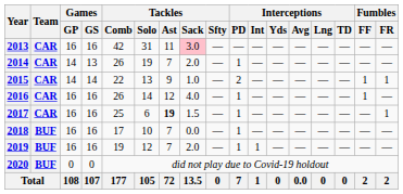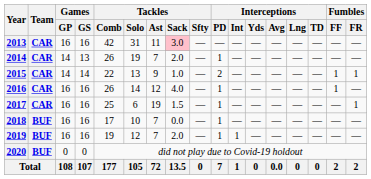 <table class="wikitable" style="text-align: center;">
 <tr>
 <th rowspan="2">Year</th>
 <th rowspan="2">Team</th>
 <th colspan="2">Games</th>
 <th colspan="5">Tackles</th>
 <th colspan="6">Interceptions</th>
 <th colspan="2">Fumbles</th>
 </tr>
 <tr>
 <th>GP</th>
 <th>GS</th>
 <th>Comb</th>
 <th>Solo</th>
 <th>Ast</th>
 <th>Sack</th>
 <th>Sfty</th>
 <th>PD</th>
 <th>Int</th>
 <th>Yds</th>
 <th>Avg</th>
 <th>Lng</th>
 <th>TD</th>
 <th>FF</th>
 <th>FR</th>
 </tr>
 <tr>
 <th><a href='#'>2013</a></th>
 <th><a href='#'>CAR</a></th>
 <td>16</td>
 <td>16</td>
 <td>42</td>
 <td>31</td>
 <td>11</td>
 <td style="background: pink;">3.0</td>
 <td>—</td>
 <td>—</td>
 <td>—</td>
 <td>—</td>
 <td>—</td>
 <td>—</td>
 <td>—</td>
 <td>—</td>
 <td>—</td>
 </tr>
 <tr>
 <th><a href='#'>2014</a></th>
 <th><a href='#'>CAR</a></th>
 <td>14</td>
 <td>13</td>
 <td>26</td>
 <td>19</td>
 <td>7</td>
 <td>2.0</td>
 <td>—</td>
 <td>1</td>
 <td>—</td>
 <td>—</td>
 <td>—</td>
 <td>—</td>
 <td>—</td>
 <td>—</td>
 <td>—</td>
 </tr>
 <tr>
 <th><a href='#'>2015</a></th>
 <th><a href='#'>CAR</a></th>
 <td>14</td>
 <td>14</td>
 <td>22</td>
 <td>13</td>
 <td>9</td>
 <td>1.0</td>
 <td>—</td>
 <td>2</td>
 <td>—</td>
 <td>—</td>
 <td>—</td>
 <td>—</td>
 <td>—</td>
 <td>1</td>
 <td>1</td>
 </tr>
 <tr>
 <th><a href='#'>2016</a></th>
 <th><a href='#'>CAR</a></th>
 <td>16</td>
 <td>16</td>
 <td>26</td>
 <td>14</td>
 <td>12</td>
 <td>4.0</td>
 <td>—</td>
 <td>1</td>
 <td>—</td>
 <td>—</td>
 <td>—</td>
 <td>—</td>
 <td>—</td>
 <td>1</td>
 <td>—</td>
 </tr>
 <tr>
 <th><a href='#'>2017</a></th>
 <th><a href='#'>CAR</a></th>
 <td>16</td>
 <td>16</td>
 <td>25</td>
 <td>6</td>
-<td><strong>19</strong></td>
+<td>19</td>
 <td>1.5</td>
 <td>—</td>
 <td>1</td>
 <td>—</td>
 <td>—</td>
 <td>—</td>
 <td>—</td>
 <td>—</td>
 <td>—</td>
 <td>1</td>
 </tr>
 <tr>
 <th><a href='#'>2018</a></th>
 <th><a href='#'>BUF</a></th>
 <td>16</td>
 <td>16</td>
 <td>17</td>
 <td>10</td>
 <td>7</td>
 <td>0.0</td>
 <td>—</td>
 <td>1</td>
 <td>—</td>
 <td>—</td>
 <td>—</td>
 <td>—</td>
 <td>—</td>
 <td>—</td>
 <td>—</td>
 </tr>
 <tr>
 <th><a href='#'>2019</a></th>
 <th><a href='#'>BUF</a></th>
 <td>16</td>
 <td>16</td>
 <td>19</td>
 <td>12</td>
 <td>7</td>
 <td>2.0</td>
 <td>—</td>
 <td>1</td>
 <td>1</td>
 <td>—</td>
 <td>—</td>
 <td>—</td>
 <td>—</td>
 <td>—</td>
 <td>—</td>
 </tr>
 <tr>
 <th><a href='#'>2020</a></th>
 <th><a href='#'>BUF</a></th>
 <td>0</td>
 <td>0</td>
 <td colspan="13"><em>did not play due to Covid-19 holdout</em></td>
 </tr>
 <tr>
 <th colspan="2">Total</th>
 <th>108</th>
 <th>107</th>
 <th>177</th>
 <th>105</th>
 <th>72</th>
 <th>13.5</th>
 <th>0</th>
 <th>7</th>
 <th>1</th>
 <th>0</th>
 <th>0.0</th>
 <th>0</th>
 <th>0</th>
 <th>2</th>
 <th>2</th>
 </tr>
 </table>
